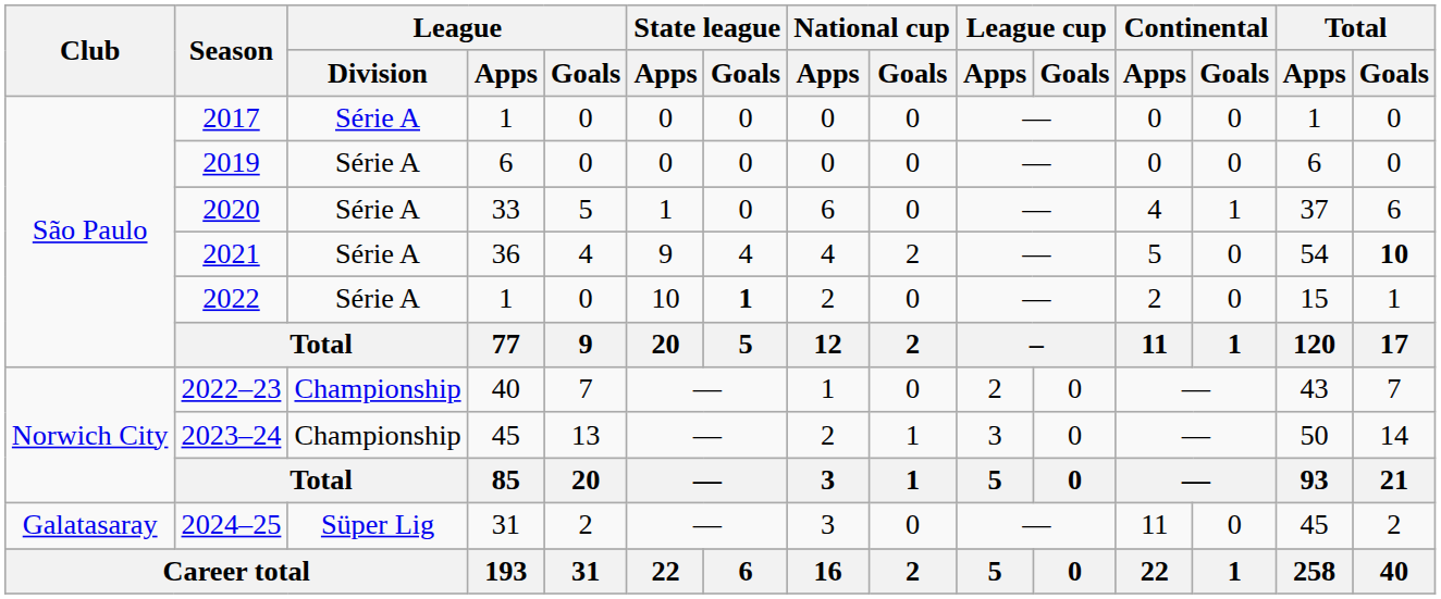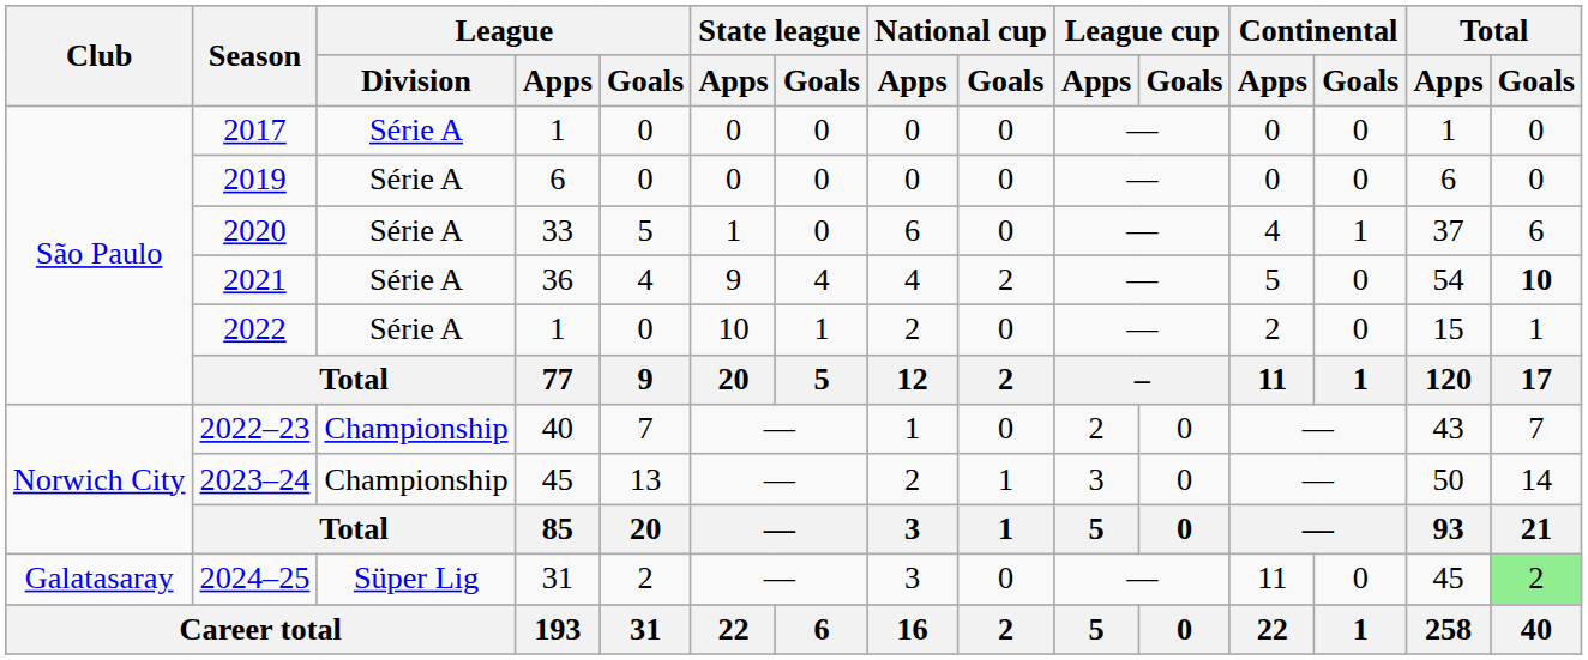 <table class="wikitable" style="text-align:center">
 <tr>
 <th rowspan="2">Club</th>
 <th rowspan="2">Season</th>
 <th colspan="3">League</th>
 <th colspan="2">State league</th>
 <th colspan="2">National cup</th>
 <th colspan="2">League cup</th>
 <th colspan="2">Continental</th>
 <th colspan="2">Total</th>
 </tr>
 <tr>
 <th>Division</th>
 <th>Apps</th>
 <th>Goals</th>
 <th>Apps</th>
 <th>Goals</th>
 <th>Apps</th>
 <th>Goals</th>
 <th>Apps</th>
 <th>Goals</th>
 <th>Apps</th>
 <th>Goals</th>
 <th>Apps</th>
 <th>Goals</th>
 </tr>
 <tr>
 <td rowspan="6"><a href='#'>São Paulo</a></td>
 <td><a href='#'>2017</a></td>
 <td><a href='#'>Série A</a></td>
 <td>1</td>
 <td>0</td>
 <td>0</td>
 <td>0</td>
 <td>0</td>
 <td>0</td>
 <td colspan="2">—</td>
 <td>0</td>
 <td>0</td>
 <td>1</td>
 <td>0</td>
 </tr>
 <tr>
 <td><a href='#'>2019</a></td>
 <td>Série A</td>
 <td>6</td>
 <td>0</td>
 <td>0</td>
 <td>0</td>
 <td>0</td>
 <td>0</td>
 <td colspan="2">—</td>
 <td>0</td>
 <td>0</td>
 <td>6</td>
 <td>0</td>
 </tr>
 <tr>
 <td><a href='#'>2020</a></td>
 <td>Série A</td>
 <td>33</td>
 <td>5</td>
 <td>1</td>
 <td>0</td>
 <td>6</td>
 <td>0</td>
 <td colspan="2">—</td>
 <td>4</td>
 <td>1</td>
 <td>37</td>
 <td>6</td>
 </tr>
 <tr>
 <td><a href='#'>2021</a></td>
 <td>Série A</td>
 <td>36</td>
 <td>4</td>
 <td>9</td>
 <td>4</td>
 <td>4</td>
 <td>2</td>
 <td colspan="2">—</td>
 <td>5</td>
 <td>0</td>
 <td>54</td>
 <td><strong>10</strong></td>
 </tr>
 <tr>
 <td><a href='#'>2022</a></td>
 <td>Série A</td>
 <td>1</td>
 <td>0</td>
 <td>10</td>
-<td><strong>1</strong></td>
+<td>1</td>
 <td>2</td>
 <td>0</td>
 <td colspan="2">—</td>
 <td>2</td>
 <td>0</td>
 <td>15</td>
 <td>1</td>
 </tr>
 <tr>
 <th colspan="2">Total</th>
 <th>77</th>
 <th>9</th>
 <th>20</th>
 <th>5</th>
 <th>12</th>
 <th>2</th>
 <th colspan="2">–</th>
 <th>11</th>
 <th>1</th>
 <th>120</th>
 <th>17</th>
 </tr>
 <tr>
 <td rowspan="3"><a href='#'>Norwich City</a></td>
 <td><a href='#'>2022–23</a></td>
 <td><a href='#'>Championship</a></td>
 <td>40</td>
 <td>7</td>
 <td colspan="2">—</td>
 <td>1</td>
 <td>0</td>
 <td>2</td>
 <td>0</td>
 <td colspan="2">—</td>
 <td>43</td>
 <td>7</td>
 </tr>
 <tr>
 <td><a href='#'>2023–24</a></td>
 <td>Championship</td>
 <td>45</td>
 <td>13</td>
 <td colspan="2">—</td>
 <td>2</td>
 <td>1</td>
 <td>3</td>
 <td>0</td>
 <td colspan="2">—</td>
 <td>50</td>
 <td>14</td>
 </tr>
 <tr>
 <th colspan="2">Total</th>
 <th>85</th>
 <th>20</th>
 <th colspan="2">—</th>
 <th>3</th>
 <th>1</th>
 <th>5</th>
 <th>0</th>
 <th colspan="2">—</th>
 <th>93</th>
 <th>21</th>
 </tr>
 <tr>
 <td><a href='#'>Galatasaray</a></td>
 <td><a href='#'>2024–25</a></td>
 <td><a href='#'>Süper Lig</a></td>
 <td>31</td>
 <td>2</td>
 <td colspan="2">—</td>
 <td>3</td>
 <td>0</td>
 <td colspan="2">—</td>
 <td>11</td>
 <td>0</td>
 <td>45</td>
-<td>2</td>
+<td style="background: lightgreen;">2</td>
 </tr>
 <tr>
 <th colspan="3">Career total</th>
 <th>193</th>
 <th>31</th>
 <th>22</th>
 <th>6</th>
 <th>16</th>
 <th>2</th>
 <th>5</th>
 <th>0</th>
 <th>22</th>
 <th>1</th>
 <th>258</th>
 <th>40</th>
 </tr>
 </table>
